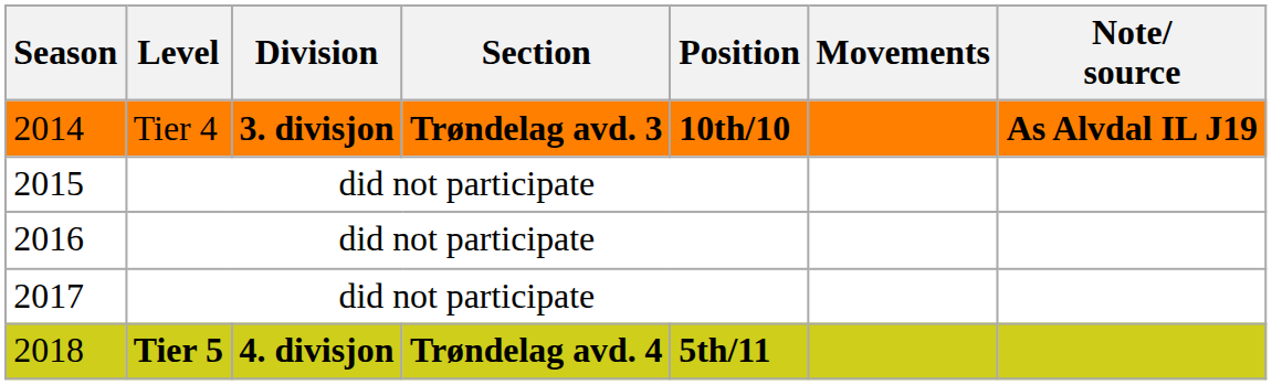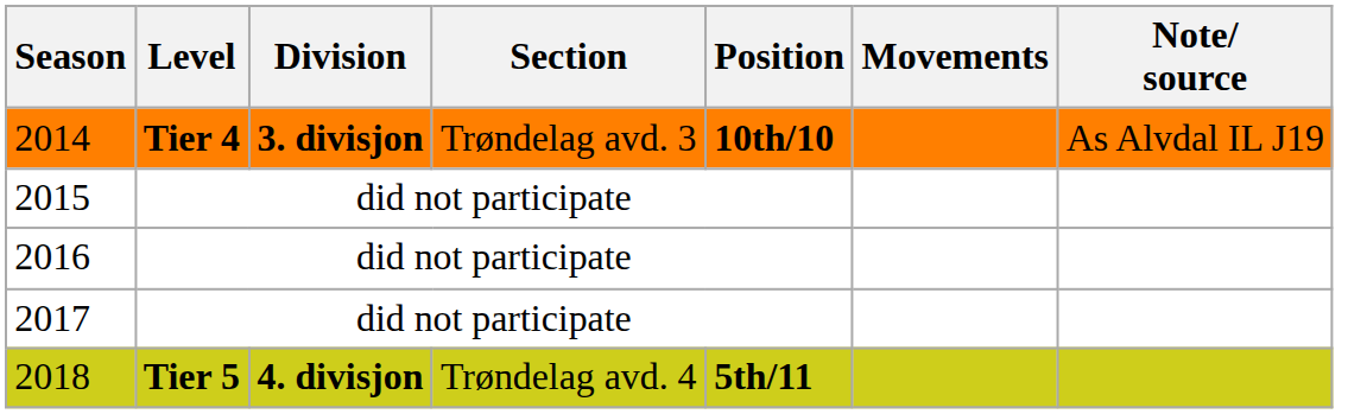 <table class="wikitable">
 <tr style="background:#f0f6fa;">
 <th>Season</th>
 <th>Level</th>
 <th>Division</th>
 <th>Section</th>
 <th>Position</th>
 <th>Movements</th>
 <th>Note/<br>source</th>
 </tr>
 <tr>
 <td style="background:#FF7F00;">2014</td>
-<td style="background:#FF7F00;">Tier 4</td>
+<td style="background:#FF7F00;"><strong>Tier 4</strong></td>
 <td style="background:#FF7F00;"><strong>3. divisjon</strong></td>
-<td style="background:#FF7F00;"><strong>Trøndelag avd. 3</strong></td>
+<td style="background:#FF7F00;">Trøndelag avd. 3</td>
 <td style="background:#FF7F00;"><strong>10th/10</strong></td>
 <td style="background:#FF7F00;"></td>
-<td style="background:#FF7F00;"><strong>As Alvdal IL J19</strong></td>
+<td style="background:#FF7F00;">As Alvdal IL J19</td>
 </tr>
 <tr>
 <td style="background:#FFFFFF;">2015</td>
 <td style="background:#FFFFFF;" colspan="4" align="center">did not participate</td>
 <td style="background:#FFFFFF;"></td>
 <td style="background:#FFFFFF;"></td>
 </tr>
 <tr>
 <td style="background:#FFFFFF;">2016</td>
 <td style="background:#FFFFFF;" colspan="4" align="center">did not participate</td>
 <td style="background:#FFFFFF;"></td>
 <td style="background:#FFFFFF;"></td>
 </tr>
 <tr>
 <td style="background:#FFFFFF;">2017</td>
 <td style="background:#FFFFFF;" colspan="4" align="center">did not participate</td>
 <td style="background:#FFFFFF;"></td>
 <td style="background:#FFFFFF;"></td>
 </tr>
 <tr>
 <td style="background:#CECE1B;">2018</td>
 <td style="background:#CECE1B;"><strong>Tier 5</strong></td>
 <td style="background:#CECE1B;"><strong>4. divisjon</strong></td>
-<td style="background:#CECE1B;"><strong>Trøndelag avd. 4</strong></td>
+<td style="background:#CECE1B;">Trøndelag avd. 4</td>
 <td style="background:#CECE1B;"><strong>5th/11</strong></td>
 <td style="background:#CECE1B;"></td>
 <td style="background:#CECE1B;"></td>
 </tr>
 </table>
